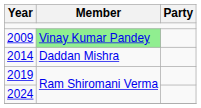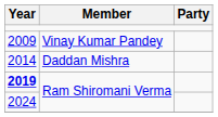 <table class="wikitable sortable">
 <tr>
 <th>Year</th>
 <th>Member</th>
 <th colspan="2">Party</th>
 </tr>
 <tr>
 <td colspan="4"></td>
 </tr>
 <tr>
 <td><a href='#'>2009</a></td>
-<td style="background: lightgreen;"><a href='#'>Vinay Kumar Pandey</a></td>
+<td><a href='#'>Vinay Kumar Pandey</a></td>
 <td></td>
 </tr>
 <tr>
 <td><a href='#'>2014</a></td>
 <td><a href='#'>Daddan Mishra</a></td>
 <td></td>
 </tr>
 <tr>
-<td><a href='#'>2019</a></td>
+<td><strong><a href='#'>2019</a></strong></td>
 <td rowspan=2><a href='#'>Ram Shiromani Verma</a></td>
 <td></td>
 </tr>
 <tr>
 <td><a href='#'>2024</a></td>
 <td></td>
 </tr>
 <tr>
 </tr>
 </table>
